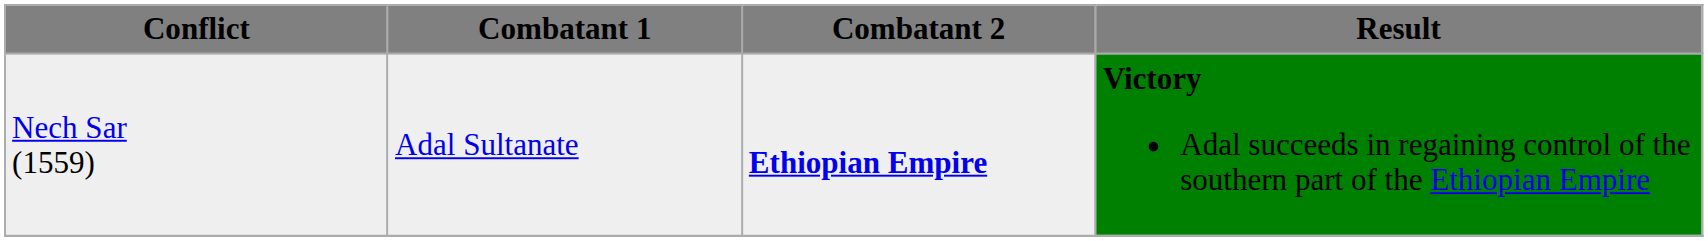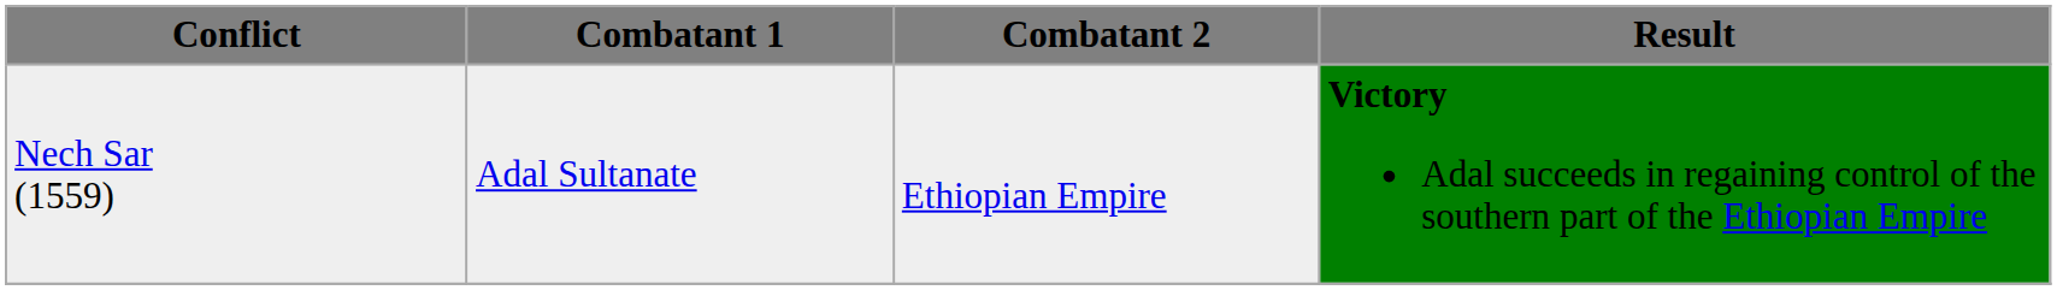 <table class="wikitable">
 <tr>
 <th style="background:grey" width="190"><span>Conflict</span></th>
 <th style="background:grey" width="175"><span>Combatant 1</span></th>
 <th style="background:grey" width="175"><span>Combatant 2</span></th>
 <th style="background:grey" width="305"><span>Result</span></th>
 </tr>
 <tr>
 <td style="background:#efefef"><a href='#'>Nech Sar</a><br>(1559)</td>
 <td style="background:#efefef"> <a href='#'>Adal Sultanate</a></td>
-<td style="background:#efefef"><strong><br> <a href='#'>Ethiopian Empire</a></strong></td>
+<td style="background:#efefef"><br> <a href='#'>Ethiopian Empire</a></td>
 <td style="background:Green"><strong>Victory</strong><br><ul><li>Adal succeeds in regaining control of the southern part of the <a href='#'>Ethiopian Empire</a></li></ul></td>
 </tr>
 <tr>
 </tr>
 </table>
